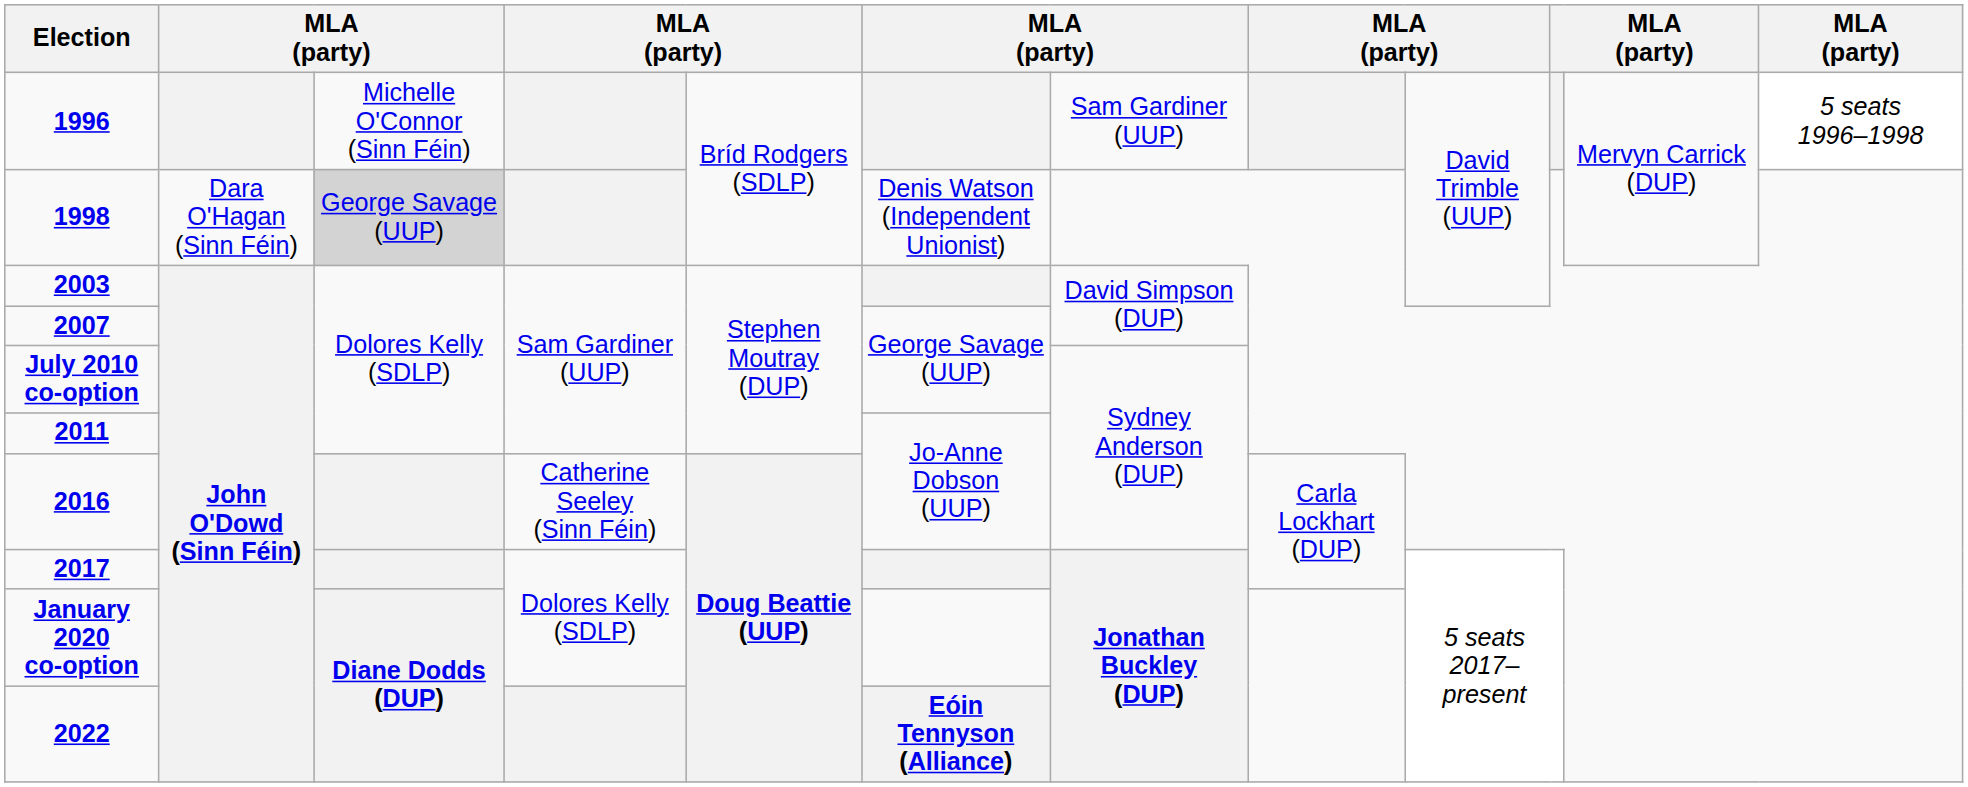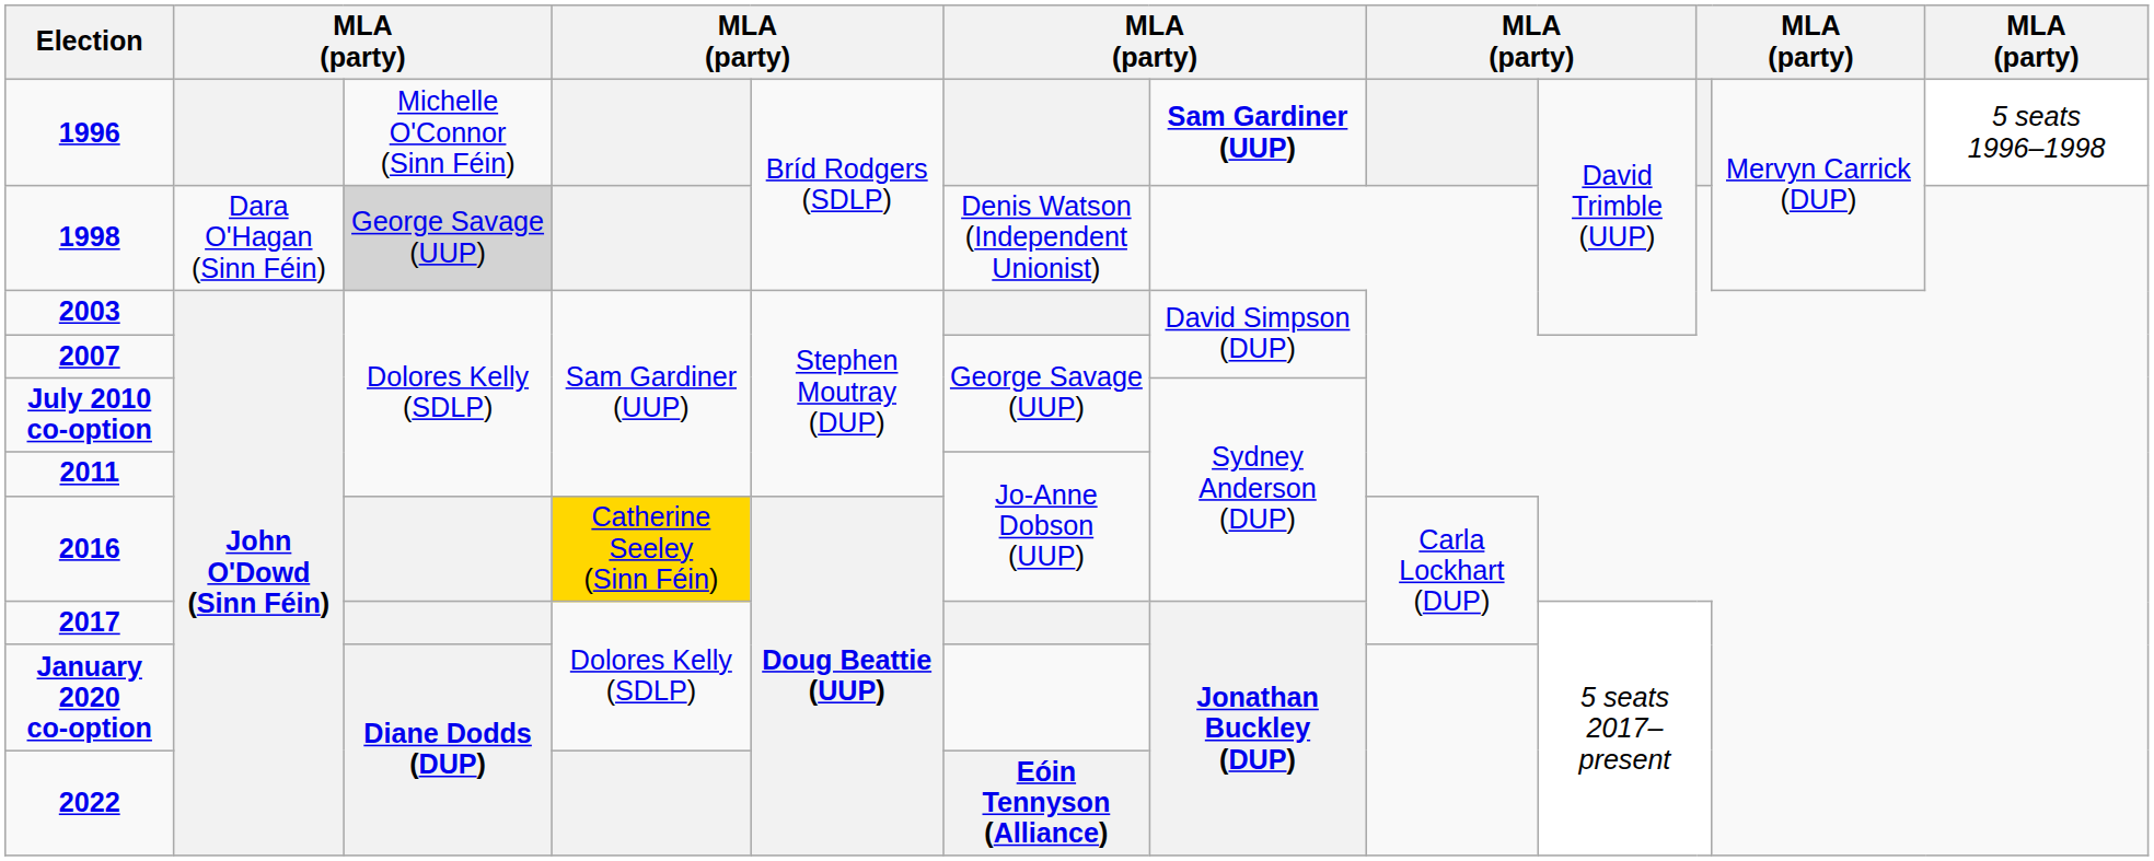 <table class="wikitable" style="text-align:center">
 <tr>
 <th>Election</th>
 <th scope="col" width="150" colspan = "2">MLA<br> (party)</th>
 <th scope="col" width="150" colspan = "2">MLA<br> (party)</th>
 <th scope="col" width="150" colspan = "2">MLA<br> (party)</th>
 <th scope="col" width="150" colspan = "2">MLA<br> (party)</th>
 <th scope="col" width="150" colspan = "2">MLA<br> (party)</th>
 <th scope="col" width="150" colspan = "2">MLA<br> (party)</th>
 </tr>
 <tr>
 <td><strong><a href='#'>1996</a></strong></td>
 <th style="background-color: "></th>
 <td><a href='#'>Michelle O'Connor</a><br>(<a href='#'>Sinn Féin</a>)</td>
 <th style="background-color: "></th>
 <td rowspan=2><a href='#'>Bríd Rodgers</a><br>(<a href='#'>SDLP</a>)</td>
 <th style="background-color: "></th>
-<td><a href='#'>Sam Gardiner</a><br>(<a href='#'>UUP</a>)</td>
+<td><strong><a href='#'>Sam Gardiner</a><br>(<a href='#'>UUP</a>)</strong></td>
 <th style="background-color: "></th>
 <td rowspan=3><a href='#'>David Trimble</a><br>(<a href='#'>UUP</a>)</td>
 <th style="background-color: "></th>
 <td rowspan=2><a href='#'>Mervyn Carrick</a><br>(<a href='#'>DUP</a>)</td>
 <td style="background-color:#FFFFFF" colspan=2><em>5 seats<br>1996–1998</em></td>
 </tr>
 <tr>
 <td><strong><a href='#'>1998</a></strong></td>
 <td><a href='#'>Dara O'Hagan</a><br>(<a href='#'>Sinn Féin</a>)</td>
 <td style="background: lightgrey;"><a href='#'>George Savage</a><br>(<a href='#'>UUP</a>)</td>
 <th style="background-color: "></th>
 <td><a href='#'>Denis Watson</a><br>(<a href='#'>Independent<br>Unionist</a>)</td>
 </tr>
 <tr>
 <td><strong><a href='#'>2003</a></strong></td>
 <th rowspan=8><a href='#'>John O'Dowd</a><br>(<a href='#'>Sinn Féin</a>)</th>
 <td rowspan=4><a href='#'>Dolores Kelly</a><br>(<a href='#'>SDLP</a>)</td>
 <td rowspan=4><a href='#'>Sam Gardiner</a><br>(<a href='#'>UUP</a>)</td>
 <td rowspan=4><a href='#'>Stephen Moutray</a><br>(<a href='#'>DUP</a>)</td>
 <th style="background-color: "></th>
 <td rowspan=2><a href='#'>David Simpson</a><br>(<a href='#'>DUP</a>)</td>
 </tr>
 <tr>
 <td><strong><a href='#'>2007</a></strong></td>
 <td rowspan=2><a href='#'>George Savage</a><br>(<a href='#'>UUP</a>)</td>
 </tr>
 <tr>
 <td><strong><a href='#'>July 2010<br>co-option</a></strong></td>
 <td rowspan=3><a href='#'>Sydney Anderson</a><br>(<a href='#'>DUP</a>)</td>
 </tr>
 <tr>
 <td><strong><a href='#'>2011</a></strong></td>
 <td rowspan=2><a href='#'>Jo-Anne Dobson</a><br>(<a href='#'>UUP</a>)</td>
 </tr>
 <tr>
 <td><strong><a href='#'>2016</a></strong></td>
 <th style="background-color: "></th>
-<td><a href='#'>Catherine Seeley</a><br>(<a href='#'>Sinn Féin</a>)</td>
+<td style="background: gold;"><a href='#'>Catherine Seeley</a><br>(<a href='#'>Sinn Féin</a>)</td>
 <th rowspan=4><a href='#'>Doug Beattie</a><br>(<a href='#'>UUP</a>)</th>
 <td rowspan=2><a href='#'>Carla Lockhart</a><br>(<a href='#'>DUP</a>)</td>
 </tr>
 <tr>
 <td><strong><a href='#'>2017</a></strong></td>
 <th style="background-color: "></th>
 <td rowspan=2><a href='#'>Dolores Kelly</a><br>(<a href='#'>SDLP</a>)</td>
 <th style="background-color: "></th>
 <th rowspan=3><a href='#'>Jonathan Buckley</a><br>(<a href='#'>DUP</a>)</th>
 <td style="background-color:#FFFFFF" colspan=2 rowspan=3><em>5 seats<br>2017–present</em></td>
 </tr>
 <tr>
 <td><strong><a href='#'>January 2020<br>co-option</a></strong></td>
 <th rowspan=2><a href='#'>Diane Dodds</a><br>(<a href='#'>DUP</a>)</th>
 </tr>
 <tr>
 <td><strong><a href='#'>2022</a></strong></td>
 <th style="background-color: "></th>
 <th rowspan=1><a href='#'>Eóin Tennyson</a><br>(<a href='#'>Alliance</a>)</th>
 </tr>
 </table>
